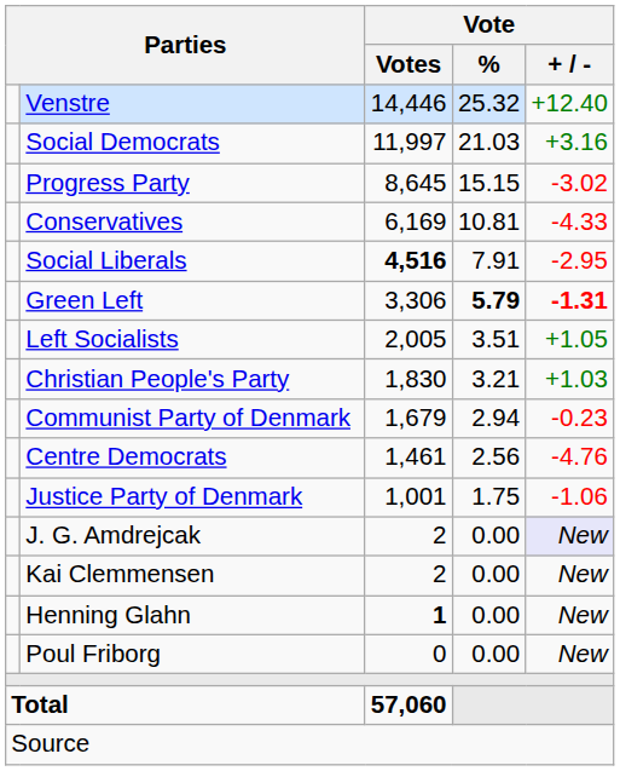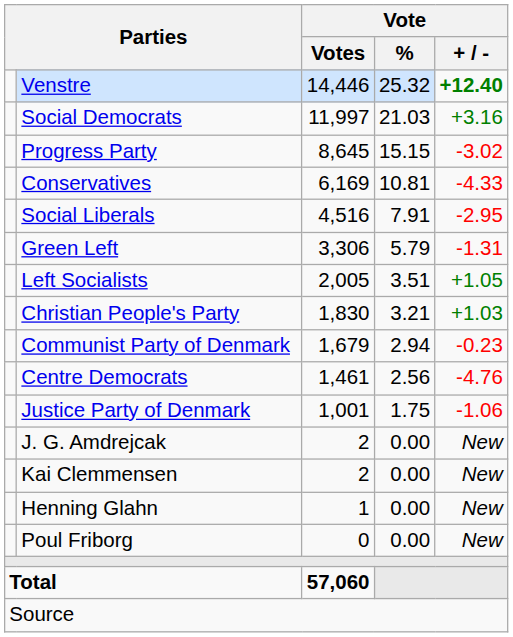 <table class="wikitable" style="text-align:right;">
 <tr>
 <th style="text-align:centre;" rowspan="2" colspan="2" width="225">Parties</th>
 <th colspan="3">Vote</th>
 </tr>
 <tr>
 <th width="15">Votes</th>
 <th width="15">%</th>
 <th width="15">+ / -</th>
 </tr>
 <tr>
 <td width="2" style="color:inherit;background:"></td>
 <td bgcolor=#cfe5fe  align="left"><a href='#'>Venstre</a></td>
 <td bgcolor=#cfe5fe>14,446</td>
 <td bgcolor=#cfe5fe>25.32</td>
-<td style=color:green;>+12.40</td>
+<td style=color:green;><strong>+12.40</strong></td>
 </tr>
 <tr>
 <td width="2" style="color:inherit;background:"></td>
 <td align="left"><a href='#'>Social Democrats</a></td>
 <td>11,997</td>
 <td>21.03</td>
 <td style=color:green;>+3.16</td>
 </tr>
 <tr>
 <td width="2" style="color:inherit;background:"></td>
 <td align="left"><a href='#'>Progress Party</a></td>
 <td>8,645</td>
 <td>15.15</td>
 <td style=color:red;>-3.02</td>
 </tr>
 <tr>
 <td width="2" style="color:inherit;background:"></td>
 <td align="left"><a href='#'>Conservatives</a></td>
 <td>6,169</td>
 <td>10.81</td>
 <td style=color:red;>-4.33</td>
 </tr>
 <tr>
 <td width="2" style="color:inherit;background:"></td>
 <td align="left"><a href='#'>Social Liberals</a></td>
-<td><strong>4,516</strong></td>
+<td>4,516</td>
 <td>7.91</td>
 <td style=color:red;>-2.95</td>
 </tr>
 <tr>
 <td width="2" style="color:inherit;background:"></td>
 <td align="left"><a href='#'>Green Left</a></td>
 <td>3,306</td>
-<td><strong>5.79</strong></td>
-<td style=color:red;><strong>-1.31</strong></td>
+<td>5.79</td>
+<td style=color:red;>-1.31</td>
 </tr>
 <tr>
 <td width="2" style="color:inherit;background:"></td>
 <td align="left"><a href='#'>Left Socialists</a></td>
 <td>2,005</td>
 <td>3.51</td>
 <td style=color:green;>+1.05</td>
 </tr>
 <tr>
 <td width="2" style="color:inherit;background:"></td>
 <td align="left"><a href='#'>Christian People's Party</a></td>
 <td>1,830</td>
 <td>3.21</td>
 <td style=color:green;>+1.03</td>
 </tr>
 <tr>
 <td width="2" style="color:inherit;background:"></td>
 <td align="left"><a href='#'>Communist Party of Denmark</a></td>
 <td>1,679</td>
 <td>2.94</td>
 <td style=color:red;>-0.23</td>
 </tr>
 <tr>
 <td width="2" style="color:inherit;background:"></td>
 <td align="left"><a href='#'>Centre Democrats</a></td>
 <td>1,461</td>
 <td>2.56</td>
 <td style=color:red;>-4.76</td>
 </tr>
 <tr>
 <td width="2" style="color:inherit;background:"></td>
 <td align="left"><a href='#'>Justice Party of Denmark</a></td>
 <td>1,001</td>
 <td>1.75</td>
 <td style=color:red;>-1.06</td>
 </tr>
 <tr>
 <td width="2" style="color:inherit;background:"></td>
 <td align="left">J. G. Amdrejcak</td>
 <td>2</td>
 <td>0.00</td>
-<td style="background: lavender;"><em>New</em></td>
+<td><em>New</em></td>
 </tr>
 <tr>
 <td width="2" style="color:inherit;background:"></td>
 <td align="left">Kai Clemmensen</td>
 <td>2</td>
 <td>0.00</td>
 <td><em>New</em></td>
 </tr>
 <tr>
 <td width="2" style="color:inherit;background:"></td>
 <td align="left">Henning Glahn</td>
-<td><strong>1</strong></td>
+<td>1</td>
 <td>0.00</td>
 <td><em>New</em></td>
 </tr>
 <tr>
 <td width="2" style="color:inherit;background:"></td>
 <td align="left">Poul Friborg</td>
 <td>0</td>
 <td>0.00</td>
 <td><em>New</em></td>
 </tr>
 <tr>
 <td colspan="7" bgcolor="#E9E9E9"></td>
 </tr>
 <tr>
 <td align="left" colspan="2"><strong>Total</strong></td>
 <td><strong>57,060</strong></td>
 <td bgcolor="#E9E9E9" colspan="2"></td>
 </tr>
 <tr>
 <td align="left" colspan="6">Source</td>
 </tr>
 </table>
